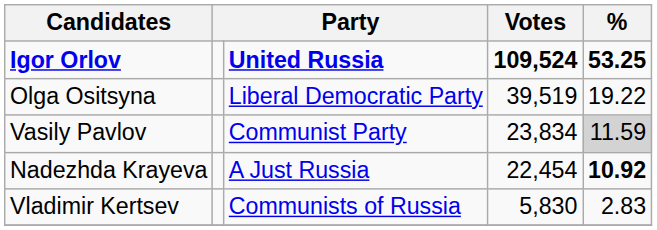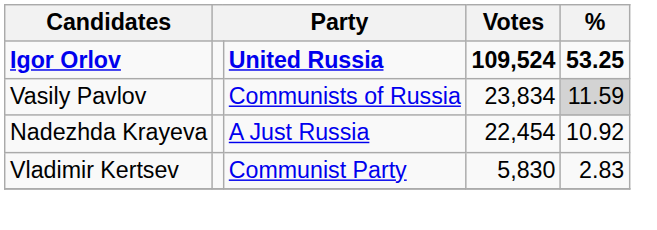 <table class="wikitable sortable">
 <tr>
 <th>Candidates</th>
 <th colspan="2">Party</th>
 <th>Votes</th>
 <th>%</th>
 </tr>
 <tr>
 <td><strong><a href='#'>Igor Orlov</a></strong></td>
 <td style="color:inherit;background:"></td>
 <td><strong><a href='#'>United Russia</a></strong></td>
 <td align=right><strong>109,524</strong></td>
 <td align=right><strong>53.25</strong></td>
 </tr>
 <tr>
-<td>Olga Ositsyna</td>
-<td style="color:inherit;background:"></td>
-<td><a href='#'>Liberal Democratic Party</a></td>
-<td align=right>39,519</td>
-<td align=right>19.22</td>
-</tr>
-<tr>
 <td>Vasily Pavlov</td>
 <td style="color:inherit;background:"></td>
-<td><a href='#'>Communist Party</a></td>
+<td><a href='#'>Communists of Russia</a></td>
 <td align=right>23,834</td>
 <td align=right style="background: lightgrey;">11.59</td>
 </tr>
 <tr>
 <td>Nadezhda Krayeva</td>
 <td style="color:inherit;background:"></td>
 <td><a href='#'>A Just Russia</a></td>
 <td align=right>22,454</td>
-<td align=right><strong>10.92</strong></td>
+<td align=right>10.92</td>
 </tr>
 <tr>
 <td>Vladimir Kertsev</td>
 <td style="color:inherit;background:"></td>
-<td><a href='#'>Communists of Russia</a></td>
+<td><a href='#'>Communist Party</a></td>
 <td align=right>5,830</td>
 <td align=right>2.83</td>
 </tr>
 <tr>
 </tr>
 </table>
